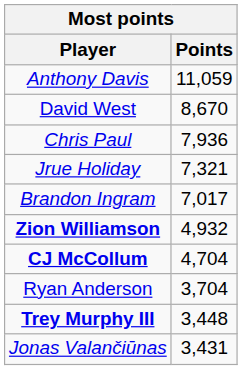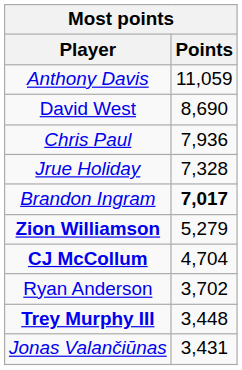 <table class="wikitable sortable" style="text-align:center">
 <tr>
 <th colspan="5">Most points</th>
 </tr>
 <tr>
 <th>Player</th>
 <th>Points</th>
 </tr>
 <tr>
 <td><em><a href='#'>Anthony Davis</a></em></td>
 <td>11,059</td>
 </tr>
 <tr>
 <td><a href='#'>David West</a></td>
-<td>8,670</td>
+<td>8,690</td>
 </tr>
 <tr>
 <td><em><a href='#'>Chris Paul</a></em></td>
 <td>7,936</td>
 </tr>
 <tr>
 <td><em><a href='#'>Jrue Holiday</a></em></td>
-<td>7,321</td>
+<td>7,328</td>
 </tr>
 <tr>
 <td><em><a href='#'>Brandon Ingram</a></em></td>
-<td>7,017</td>
+<td><strong>7,017</strong></td>
 </tr>
 <tr>
 <td><strong><a href='#'>Zion Williamson</a></strong></td>
-<td>4,932</td>
+<td>5,279</td>
 </tr>
 <tr>
 <td><strong><a href='#'>CJ McCollum</a></strong></td>
 <td>4,704</td>
 </tr>
 <tr>
 <td><a href='#'>Ryan Anderson</a></td>
-<td>3,704</td>
+<td>3,702</td>
 </tr>
 <tr>
 <td><strong><a href='#'>Trey Murphy III</a></strong></td>
 <td>3,448</td>
 </tr>
 <tr>
 <td><em><a href='#'>Jonas Valančiūnas</a></em></td>
 <td>3,431</td>
 </tr>
 </table>
